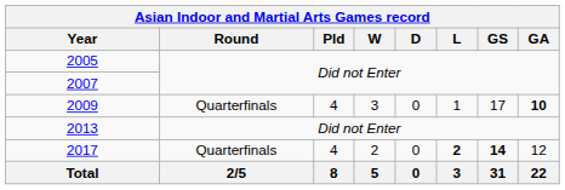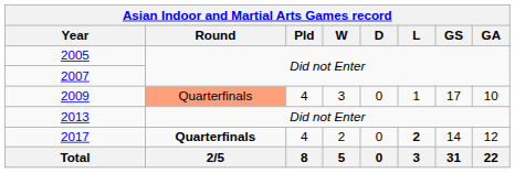 <table class="wikitable" style="text-align: center;font-size:90%;">
 <tr>
 <th colspan=8><a href='#'>Asian Indoor and Martial Arts Games record</a></th>
 </tr>
 <tr>
 <th width=150>Year</th>
 <th width=150>Round</th>
 <th width=35>Pld</th>
 <th width=35>W</th>
 <th width=35>D</th>
 <th width=35>L</th>
 <th width=35>GS</th>
 <th width=35>GA</th>
 </tr>
 <tr>
 <td> <a href='#'>2005</a></td>
 <td colspan=9 rowspan=2><em>Did not Enter</em></td>
 </tr>
 <tr>
 <td> <a href='#'>2007</a></td>
 </tr>
 <tr>
 <td> <a href='#'>2009</a></td>
-<td>Quarterfinals</td>
+<td style="background: lightsalmon;">Quarterfinals</td>
 <td>4</td>
 <td>3</td>
 <td>0</td>
 <td>1</td>
 <td>17</td>
-<td><strong>10</strong></td>
+<td>10</td>
 </tr>
 <tr>
 <td> <a href='#'>2013</a></td>
 <td colspan=9><em>Did not Enter</em></td>
 </tr>
 <tr>
 <td> <a href='#'>2017</a></td>
-<td>Quarterfinals</td>
+<td><strong>Quarterfinals</strong></td>
 <td>4</td>
 <td>2</td>
 <td>0</td>
 <td><strong>2</strong></td>
-<td><strong>14</strong></td>
+<td>14</td>
 <td>12</td>
 </tr>
 <tr>
 <th><strong>Total</strong></th>
 <th>2/5</th>
 <th>8</th>
 <th>5</th>
 <th>0</th>
 <th>3</th>
 <th>31</th>
 <th>22</th>
 </tr>
 </table>
